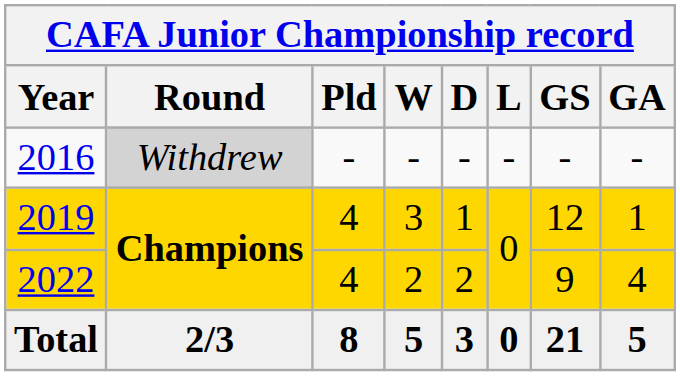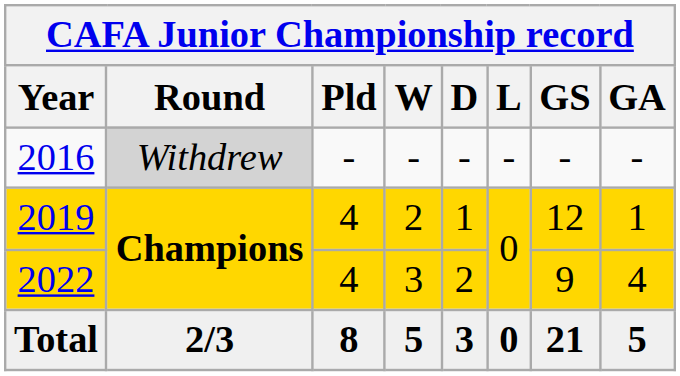 <table class="wikitable" style="text-align: center">
 <tr>
 <th colspan=8><a href='#'>CAFA Junior Championship record</a></th>
 </tr>
 <tr>
 <th>Year</th>
 <th>Round</th>
 <th>Pld</th>
 <th>W</th>
 <th>D</th>
 <th>L</th>
 <th>GS</th>
 <th>GA</th>
 </tr>
 <tr>
 <td> <a href='#'>2016</a></td>
 <td style="background: lightgrey;"><em>Withdrew</em></td>
 <td>-</td>
 <td>-</td>
 <td>-</td>
 <td>-</td>
 <td>-</td>
 <td>-</td>
 </tr>
 <tr bgcolor=gold>
 <td> <a href='#'>2019</a></td>
 <td rowspan="2"><strong>Champions</strong></td>
 <td>4</td>
-<td>3</td>
+<td>2</td>
 <td>1</td>
 <td rowspan="2">0</td>
 <td>12</td>
 <td>1</td>
 </tr>
 <tr bgcolor=gold>
 <td> <a href='#'>2022</a></td>
 <td>4</td>
-<td>2</td>
+<td>3</td>
 <td>2</td>
 <td>9</td>
 <td>4</td>
 </tr>
 <tr style="background:#f0f0f0;font-weight:bold;">
 <td>Total</td>
 <td>2/3</td>
 <td>8</td>
 <td>5</td>
 <td>3</td>
 <td>0</td>
 <td>21</td>
 <td>5</td>
 </tr>
 </table>
